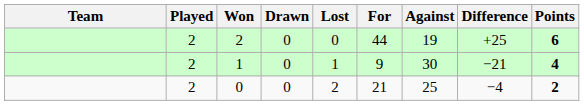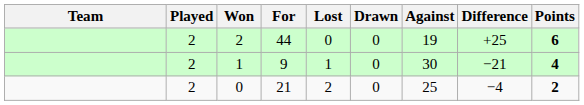 <table class="wikitable">
 <tr>
 <th width=165>Team</th>
 <th width=40>Played</th>
 <th width=40>Won</th>
+<th width=40>For</th>
+<th width=40>Lost</th>
 <th width=40>Drawn</th>
-<th width=40>Lost</th>
-<th width=40>For</th>
 <th width=40>Against</th>
 <th width=40>Difference</th>
 <th width=40>Points</th>
 </tr>
 <tr bgcolor=#ccffcc align=center>
 <td align=left></td>
 <td>2</td>
 <td>2</td>
+<td>44</td>
 <td>0</td>
 <td>0</td>
-<td>44</td>
 <td>19</td>
 <td>+25</td>
 <td><strong>6</strong></td>
 </tr>
 <tr bgcolor=#ccffcc align=center>
 <td align=left></td>
 <td>2</td>
 <td>1</td>
+<td>9</td>
+<td>1</td>
 <td>0</td>
-<td>1</td>
-<td>9</td>
 <td>30</td>
 <td>−21</td>
 <td><strong>4</strong></td>
 </tr>
 <tr align=center>
 <td align=left></td>
 <td>2</td>
 <td>0</td>
+<td>21</td>
+<td>2</td>
 <td>0</td>
-<td>2</td>
-<td>21</td>
 <td>25</td>
 <td>−4</td>
 <td><strong>2</strong></td>
 </tr>
 </table>
